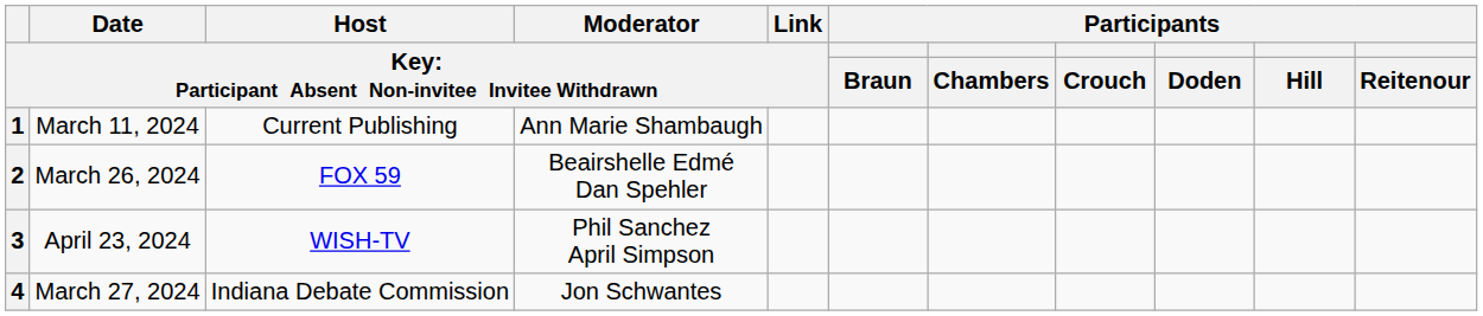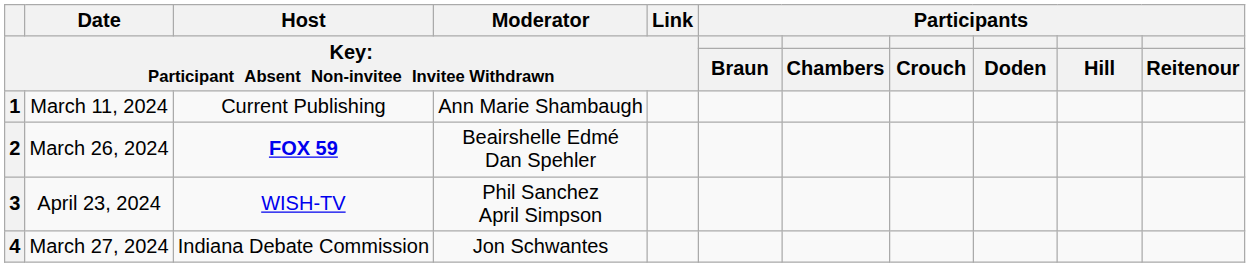 <table class="wikitable" style="text-align:center;">
 <tr>
 <th scope="col"></th>
 <th scope="col">Date</th>
 <th scope="col">Host</th>
 <th scope="col">Moderator</th>
 <th scope="col">Link</th>
 <th colspan="8" scope="col">Participants</th>
 </tr>
 <tr>
 <th colspan="5" rowspan="2">Key:<br> <small>Participant </small>  <small>Absent </small>  <small>Non-invitee </small>  <small>Invitee  Withdrawn</small></th>
 <th scope="col" style="background:"></th>
 <th scope="col" style="background:"></th>
 <th scope="col" style="background:"></th>
 <th scope="col" style="background:"></th>
 <th scope="col" style="background:"></th>
 <th scope="col" style="background:"></th>
 </tr>
 <tr>
 <th scope="col" style="width:60px;">Braun</th>
 <th scope="col" style="width:60px;">Chambers</th>
 <th scope="col" style="width:60px;">Crouch</th>
 <th scope="col" style="width:60px;">Doden</th>
 <th scope="col" style="width:60px;">Hill</th>
 <th scope="col" style="width:60px;">Reitenour</th>
 </tr>
 <tr>
 <th scope="row">1</th>
 <td style="white-space:nowrap;">March 11, 2024</td>
 <td style="white-space:nowrap;">Current Publishing</td>
 <td style="white-space:nowrap;">Ann Marie Shambaugh</td>
 <td style="white-space:nowrap;"></td>
 <td></td>
 <td></td>
 <td></td>
 <td></td>
 <td></td>
 <td></td>
 </tr>
 <tr>
 <th scope="row">2</th>
 <td style="white-space:nowrap;">March 26, 2024</td>
-<td style="white-space:nowrap;"><a href='#'>FOX 59</a></td>
+<td style="white-space:nowrap;"><strong><a href='#'>FOX 59</a></strong></td>
 <td style="white-space:nowrap;">Beairshelle Edmé<br>Dan Spehler</td>
 <td style="white-space:nowrap;"></td>
 <td></td>
 <td></td>
 <td></td>
 <td></td>
 <td></td>
 <td></td>
 </tr>
 <tr>
 <th scope="row">3</th>
 <td style="white-space:nowrap;">April 23, 2024</td>
 <td style="white-space:nowrap;"><a href='#'>WISH-TV</a></td>
 <td style="white-space:nowrap;">Phil Sanchez<br>April Simpson</td>
 <td style="white-space:nowrap;"></td>
 <td></td>
 <td></td>
 <td></td>
 <td></td>
 <td></td>
 <td></td>
 </tr>
 <tr>
 <th scope="row">4</th>
 <td style="white-space:nowrap;">March 27, 2024</td>
 <td style="white-space:nowrap;">Indiana Debate Commission</td>
 <td style="white-space:nowrap;">Jon Schwantes</td>
 <td style="white-space:nowrap;"></td>
 <td></td>
 <td></td>
 <td></td>
 <td></td>
 <td></td>
 <td></td>
 </tr>
 </table>
